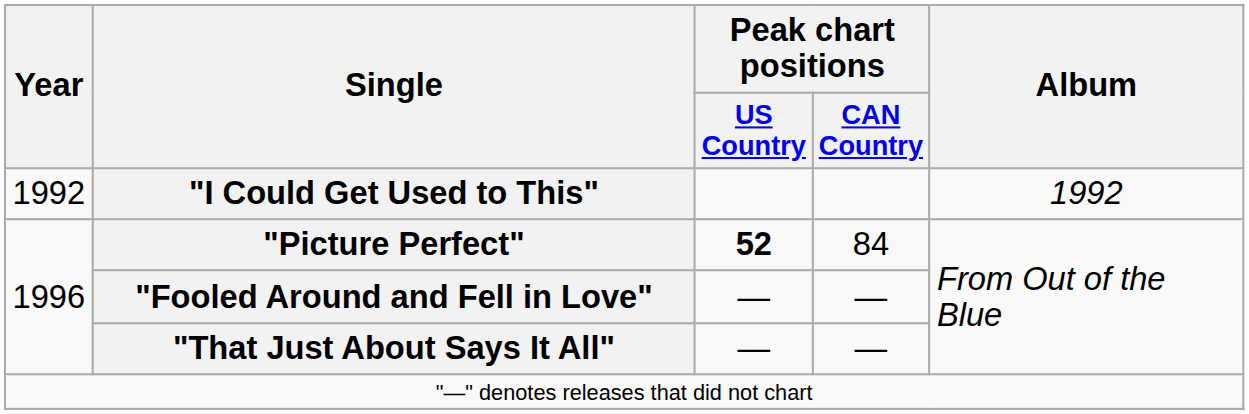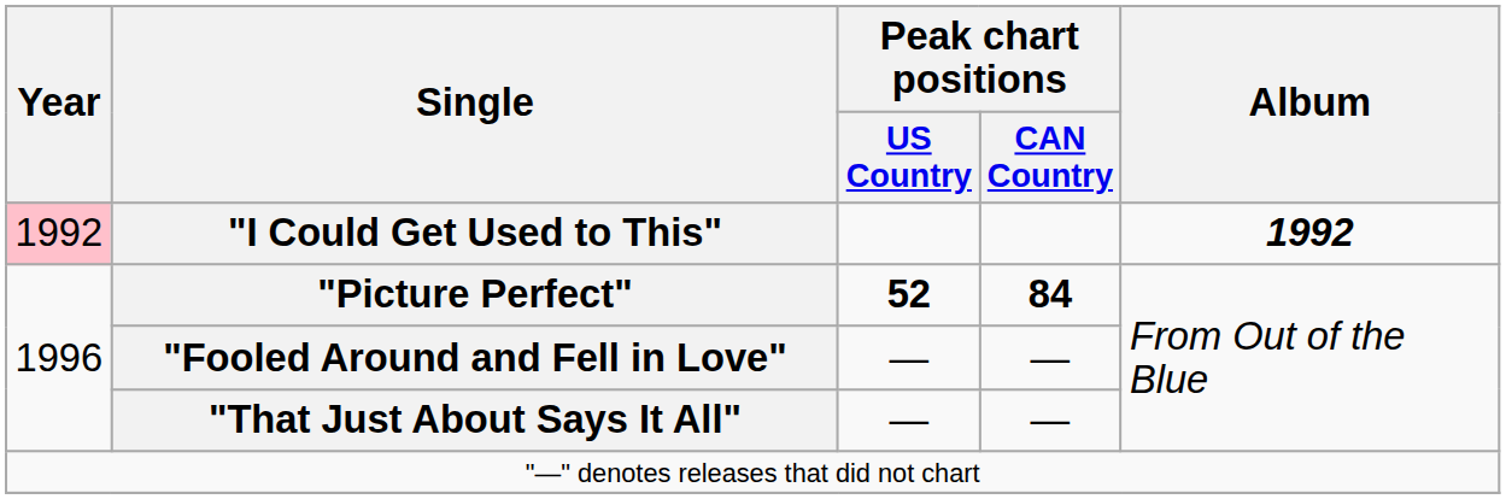 <table class="wikitable plainrowheaders" style="text-align:center;">
 <tr>
 <th rowspan="2">Year</th>
 <th rowspan="2" style="width:18em;">Single</th>
 <th colspan="2">Peak chart<br>positions</th>
 <th rowspan="2">Album</th>
 </tr>
 <tr style="font-size:smaller;">
 <th width="45"><a href='#'>US Country</a></th>
 <th width="45"><a href='#'>CAN Country</a></th>
 </tr>
 <tr>
-<td rowspan="1">1992</td>
+<td rowspan="1" style="background: pink;">1992</td>
 <th scope="row">"I Could Get Used to This"</th>
 <td></td>
 <td></td>
-<td align="center" rowspan="1"><em>1992</em></td>
+<td align="center" rowspan="1"><strong><em>1992</em></strong></td>
 </tr>
 <tr>
 <td rowspan="3">1996</td>
 <th scope="row">"Picture Perfect"</th>
 <td><strong>52</strong></td>
-<td>84</td>
+<td><strong>84</strong></td>
 <td align="left" rowspan="3"><em>From Out of the Blue</em></td>
 </tr>
 <tr>
 <th scope="row">"Fooled Around and Fell in Love"</th>
 <td>—</td>
 <td>—</td>
 </tr>
 <tr>
 <th scope="row">"That Just About Says It All"</th>
 <td>—</td>
 <td>—</td>
 </tr>
 <tr>
 <td colspan="5" style="font-size:8pt">"—" denotes releases that did not chart</td>
 </tr>
 <tr>
 </tr>
 </table>
